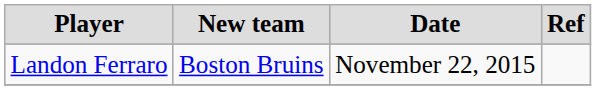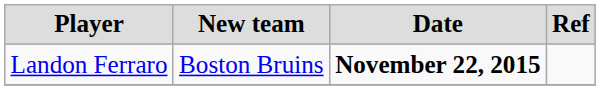 <table class="wikitable">
 <tr style="text-align:center; background:#ddd;">
 <td><strong>Player</strong></td>
 <td><strong>New team</strong></td>
 <td><strong>Date</strong></td>
 <td><strong>Ref</strong></td>
 </tr>
 <tr>
 <td><a href='#'>Landon Ferraro</a></td>
 <td><a href='#'>Boston Bruins</a></td>
-<td>November 22, 2015</td>
+<td><strong>November 22, 2015</strong></td>
 <td></td>
 </tr>
 <tr>
 </tr>
 </table>
